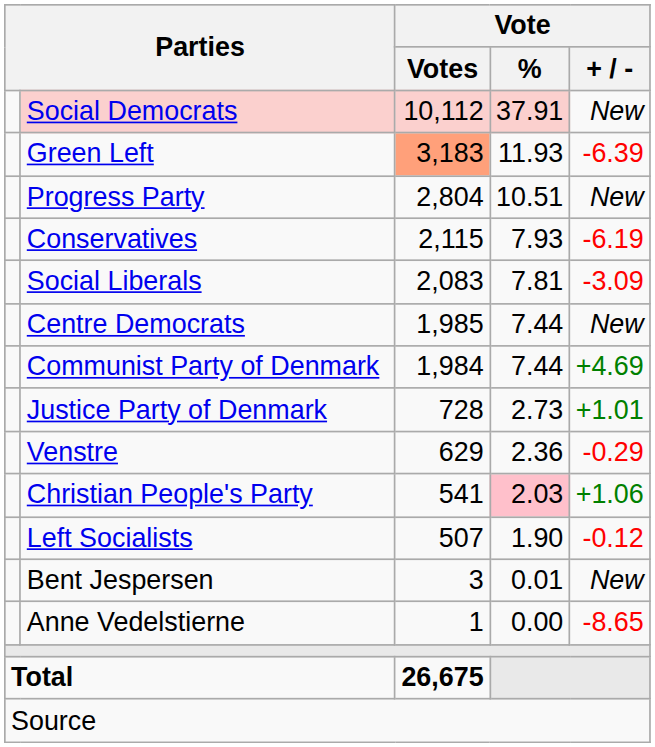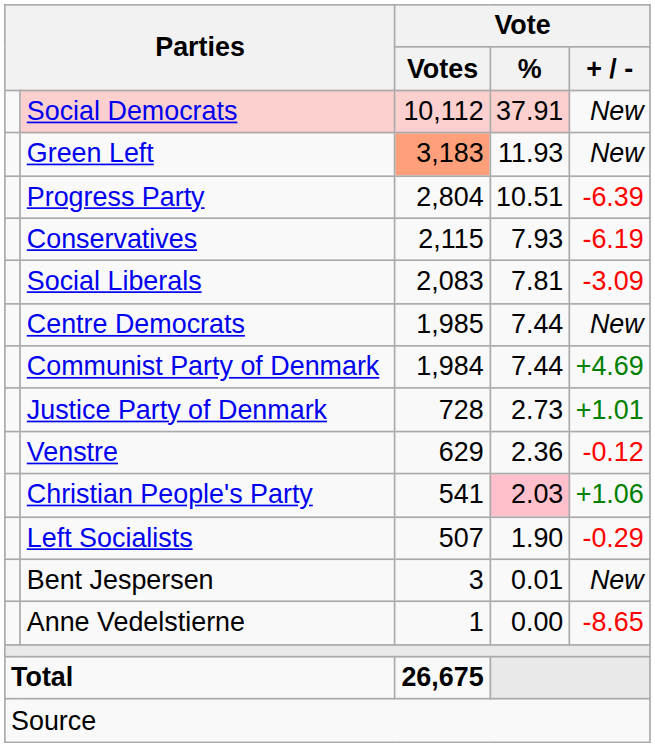 <table class="wikitable" style="text-align:right;">
 <tr>
 <th style="text-align:centre;" rowspan="2" colspan="2" width="225">Parties</th>
 <th colspan="3">Vote</th>
 </tr>
 <tr>
 <th width="15">Votes</th>
 <th width="15">%</th>
 <th width="15">+ / -</th>
 </tr>
 <tr>
 <td width="2" style="color:inherit;background:"></td>
 <td bgcolor=#fbd0ce  align="left"><a href='#'>Social Democrats</a></td>
 <td bgcolor=#fbd0ce>10,112</td>
 <td bgcolor=#fbd0ce>37.91</td>
 <td><em>New</em></td>
 </tr>
 <tr>
 <td width="2" style="color:inherit;background:"></td>
 <td align="left"><a href='#'>Green Left</a></td>
 <td style="background: lightsalmon;">3,183</td>
 <td>11.93</td>
-<td style=color:red;>-6.39</td>
+<td><em>New</em></td>
 </tr>
 <tr>
 <td width="2" style="color:inherit;background:"></td>
 <td align="left"><a href='#'>Progress Party</a></td>
 <td>2,804</td>
 <td>10.51</td>
-<td><em>New</em></td>
+<td style=color:red;>-6.39</td>
 </tr>
 <tr>
 <td width="2" style="color:inherit;background:"></td>
 <td align="left"><a href='#'>Conservatives</a></td>
 <td>2,115</td>
 <td>7.93</td>
 <td style=color:red;>-6.19</td>
 </tr>
 <tr>
 <td width="2" style="color:inherit;background:"></td>
 <td align="left"><a href='#'>Social Liberals</a></td>
 <td>2,083</td>
 <td>7.81</td>
 <td style=color:red;>-3.09</td>
 </tr>
 <tr>
 <td width="2" style="color:inherit;background:"></td>
 <td align="left"><a href='#'>Centre Democrats</a></td>
 <td>1,985</td>
 <td>7.44</td>
 <td><em>New</em></td>
 </tr>
 <tr>
 <td width="2" style="color:inherit;background:"></td>
 <td align="left"><a href='#'>Communist Party of Denmark</a></td>
 <td>1,984</td>
 <td>7.44</td>
 <td style=color:green;>+4.69</td>
 </tr>
 <tr>
 <td width="2" style="color:inherit;background:"></td>
 <td align="left"><a href='#'>Justice Party of Denmark</a></td>
 <td>728</td>
 <td>2.73</td>
 <td style=color:green;>+1.01</td>
 </tr>
 <tr>
 <td width="2" style="color:inherit;background:"></td>
 <td align="left"><a href='#'>Venstre</a></td>
 <td>629</td>
 <td>2.36</td>
-<td style=color:red;>-0.29</td>
+<td style=color:red;>-0.12</td>
 </tr>
 <tr>
 <td width="2" style="color:inherit;background:"></td>
 <td align="left"><a href='#'>Christian People's Party</a></td>
 <td>541</td>
 <td style="background: pink;">2.03</td>
 <td style=color:green;>+1.06</td>
 </tr>
 <tr>
 <td width="2" style="color:inherit;background:"></td>
 <td align="left"><a href='#'>Left Socialists</a></td>
 <td>507</td>
 <td>1.90</td>
-<td style=color:red;>-0.12</td>
+<td style=color:red;>-0.29</td>
 </tr>
 <tr>
 <td width="2" style="color:inherit;background:"></td>
 <td align="left">Bent Jespersen</td>
 <td>3</td>
 <td>0.01</td>
 <td><em>New</em></td>
 </tr>
 <tr>
 <td width="2" style="color:inherit;background:"></td>
 <td align="left">Anne Vedelstierne</td>
 <td>1</td>
 <td>0.00</td>
 <td style=color:red;>-8.65</td>
 </tr>
 <tr>
 <td colspan="7" bgcolor="#E9E9E9"></td>
 </tr>
 <tr>
 <td align="left" colspan="2"><strong>Total</strong></td>
 <td><strong>26,675</strong></td>
 <td bgcolor="#E9E9E9" colspan="2"></td>
 </tr>
 <tr>
 <td align="left" colspan="6">Source</td>
 </tr>
 </table>
